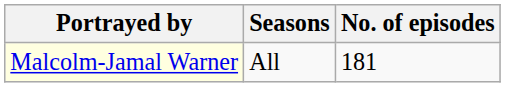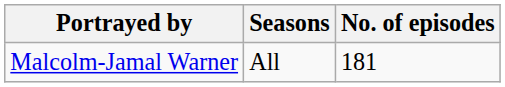 <table class="wikitable" style="text-align:justify;">
 <tr>
 <th>Portrayed by</th>
 <th>Seasons</th>
 <th>No. of episodes</th>
 </tr>
 <tr>
-<td style="background: lightyellow;"><a href='#'>Malcolm-Jamal Warner</a></td>
+<td><a href='#'>Malcolm-Jamal Warner</a></td>
 <td>All</td>
 <td>181</td>
 </tr>
 </table>
